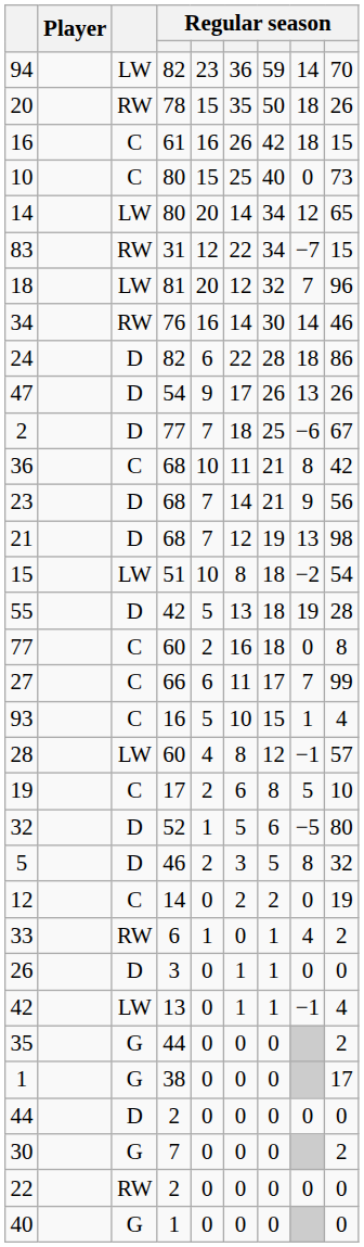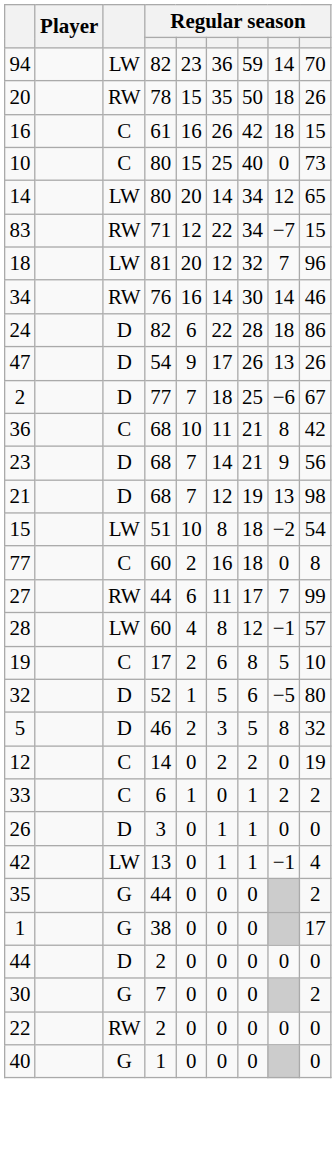 <table class="wikitable sortable plainrowheaders" style="text-align:center;">
 <tr>
 <th scope="col" data-sort-type="number" rowspan="2"></th>
 <th scope="col" rowspan="2">Player</th>
 <th scope="col" rowspan="2"></th>
 <th scope=colgroup colspan=6>Regular season</th>
 </tr>
 <tr>
 <th scope="col" data-sort-type="number"></th>
 <th scope="col" data-sort-type="number"></th>
 <th scope="col" data-sort-type="number"></th>
 <th scope="col" data-sort-type="number"></th>
 <th scope="col" data-sort-type="number"></th>
 <th scope="col" data-sort-type="number"></th>
 </tr>
 <tr>
 <td scope="row">94</td>
 <td align="left"></td>
 <td>LW</td>
 <td>82</td>
 <td>23</td>
 <td>36</td>
 <td>59</td>
 <td>14</td>
 <td>70</td>
 </tr>
 <tr>
 <td scope="row">20</td>
 <td align="left"></td>
 <td>RW</td>
 <td>78</td>
 <td>15</td>
 <td>35</td>
 <td>50</td>
 <td>18</td>
 <td>26</td>
 </tr>
 <tr>
 <td scope="row">16</td>
 <td align="left"></td>
 <td>C</td>
 <td>61</td>
 <td>16</td>
 <td>26</td>
 <td>42</td>
 <td>18</td>
 <td>15</td>
 </tr>
 <tr>
 <td scope="row">10</td>
 <td align="left"></td>
 <td>C</td>
 <td>80</td>
 <td>15</td>
 <td>25</td>
 <td>40</td>
 <td>0</td>
 <td>73</td>
 </tr>
 <tr>
 <td scope="row">14</td>
 <td align="left"></td>
 <td>LW</td>
 <td>80</td>
 <td>20</td>
 <td>14</td>
 <td>34</td>
 <td>12</td>
 <td>65</td>
 </tr>
 <tr>
 <td scope="row">83</td>
 <td align="left"></td>
 <td>RW</td>
-<td>31</td>
+<td>71</td>
 <td>12</td>
 <td>22</td>
 <td>34</td>
 <td>−7</td>
 <td>15</td>
 </tr>
 <tr>
 <td scope="row">18</td>
 <td align="left"></td>
 <td>LW</td>
 <td>81</td>
 <td>20</td>
 <td>12</td>
 <td>32</td>
 <td>7</td>
 <td>96</td>
 </tr>
 <tr>
 <td scope="row">34</td>
 <td align="left"></td>
 <td>RW</td>
 <td>76</td>
 <td>16</td>
 <td>14</td>
 <td>30</td>
 <td>14</td>
 <td>46</td>
 </tr>
 <tr>
 <td scope="row">24</td>
 <td align="left"></td>
 <td>D</td>
 <td>82</td>
 <td>6</td>
 <td>22</td>
 <td>28</td>
 <td>18</td>
 <td>86</td>
 </tr>
 <tr>
 <td scope="row">47</td>
 <td align="left"></td>
 <td>D</td>
 <td>54</td>
 <td>9</td>
 <td>17</td>
 <td>26</td>
 <td>13</td>
 <td>26</td>
 </tr>
 <tr>
 <td scope="row">2</td>
 <td align="left"></td>
 <td>D</td>
 <td>77</td>
 <td>7</td>
 <td>18</td>
 <td>25</td>
 <td>−6</td>
 <td>67</td>
 </tr>
 <tr>
 <td scope="row">36</td>
 <td align="left"></td>
 <td>C</td>
 <td>68</td>
 <td>10</td>
 <td>11</td>
 <td>21</td>
 <td>8</td>
 <td>42</td>
 </tr>
 <tr>
 <td scope="row">23</td>
 <td align="left"></td>
 <td>D</td>
 <td>68</td>
 <td>7</td>
 <td>14</td>
 <td>21</td>
 <td>9</td>
 <td>56</td>
 </tr>
 <tr>
 <td scope="row">21</td>
 <td align="left"></td>
 <td>D</td>
 <td>68</td>
 <td>7</td>
 <td>12</td>
 <td>19</td>
 <td>13</td>
 <td>98</td>
 </tr>
 <tr>
 <td scope="row">15</td>
 <td align="left"></td>
 <td>LW</td>
 <td>51</td>
 <td>10</td>
 <td>8</td>
 <td>18</td>
 <td>−2</td>
 <td>54</td>
 </tr>
 <tr>
-<td scope="row">55</td>
-<td align="left"></td>
-<td>D</td>
-<td>42</td>
-<td>5</td>
-<td>13</td>
-<td>18</td>
-<td>19</td>
-<td>28</td>
-</tr>
-<tr>
 <td scope="row">77</td>
 <td align="left"></td>
 <td>C</td>
 <td>60</td>
 <td>2</td>
 <td>16</td>
 <td>18</td>
 <td>0</td>
 <td>8</td>
 </tr>
 <tr>
 <td scope="row">27</td>
 <td align="left"></td>
-<td>C</td>
-<td>66</td>
+<td>RW</td>
+<td>44</td>
 <td>6</td>
 <td>11</td>
 <td>17</td>
 <td>7</td>
 <td>99</td>
-</tr>
-<tr>
-<td scope="row">93</td>
-<td align="left"></td>
-<td>C</td>
-<td>16</td>
-<td>5</td>
-<td>10</td>
-<td>15</td>
-<td>1</td>
-<td>4</td>
 </tr>
 <tr>
 <td scope="row">28</td>
 <td align="left"></td>
 <td>LW</td>
 <td>60</td>
 <td>4</td>
 <td>8</td>
 <td>12</td>
 <td>−1</td>
 <td>57</td>
 </tr>
 <tr>
 <td scope="row">19</td>
 <td align="left"></td>
 <td>C</td>
 <td>17</td>
 <td>2</td>
 <td>6</td>
 <td>8</td>
 <td>5</td>
 <td>10</td>
 </tr>
 <tr>
 <td scope="row">32</td>
 <td align="left"></td>
 <td>D</td>
 <td>52</td>
 <td>1</td>
 <td>5</td>
 <td>6</td>
 <td>−5</td>
 <td>80</td>
 </tr>
 <tr>
 <td scope="row">5</td>
 <td align="left"></td>
 <td>D</td>
 <td>46</td>
 <td>2</td>
 <td>3</td>
 <td>5</td>
 <td>8</td>
 <td>32</td>
 </tr>
 <tr>
 <td scope="row">12</td>
 <td align="left"></td>
 <td>C</td>
 <td>14</td>
 <td>0</td>
 <td>2</td>
 <td>2</td>
 <td>0</td>
 <td>19</td>
 </tr>
 <tr>
 <td scope="row">33</td>
 <td align="left"></td>
-<td>RW</td>
+<td>C</td>
 <td>6</td>
 <td>1</td>
 <td>0</td>
 <td>1</td>
-<td>4</td>
+<td>2</td>
 <td>2</td>
 </tr>
 <tr>
 <td scope="row">26</td>
 <td align="left"></td>
 <td>D</td>
 <td>3</td>
 <td>0</td>
 <td>1</td>
 <td>1</td>
 <td>0</td>
 <td>0</td>
 </tr>
 <tr>
 <td scope="row">42</td>
 <td align="left"></td>
 <td>LW</td>
 <td>13</td>
 <td>0</td>
 <td>1</td>
 <td>1</td>
 <td>−1</td>
 <td>4</td>
 </tr>
 <tr>
 <td scope="row">35</td>
 <td align="left"></td>
 <td>G</td>
 <td>44</td>
 <td>0</td>
 <td>0</td>
 <td>0</td>
 <td style="background:#ccc"></td>
 <td>2</td>
 </tr>
 <tr>
 <td scope="row">1</td>
 <td align="left"></td>
 <td>G</td>
 <td>38</td>
 <td>0</td>
 <td>0</td>
 <td>0</td>
 <td style="background:#ccc"></td>
 <td>17</td>
 </tr>
 <tr>
 <td scope="row">44</td>
 <td align="left"></td>
 <td>D</td>
 <td>2</td>
 <td>0</td>
 <td>0</td>
 <td>0</td>
 <td>0</td>
 <td>0</td>
 </tr>
 <tr>
 <td scope="row">30</td>
 <td align="left"></td>
 <td>G</td>
 <td>7</td>
 <td>0</td>
 <td>0</td>
 <td>0</td>
 <td style="background:#ccc"></td>
 <td>2</td>
 </tr>
 <tr>
 <td scope="row">22</td>
 <td align="left"></td>
 <td>RW</td>
 <td>2</td>
 <td>0</td>
 <td>0</td>
 <td>0</td>
 <td>0</td>
 <td>0</td>
 </tr>
 <tr>
 <td scope="row">40</td>
 <td align="left"></td>
 <td>G</td>
 <td>1</td>
 <td>0</td>
 <td>0</td>
 <td>0</td>
 <td style="background:#ccc"></td>
 <td>0</td>
 </tr>
 </table>
